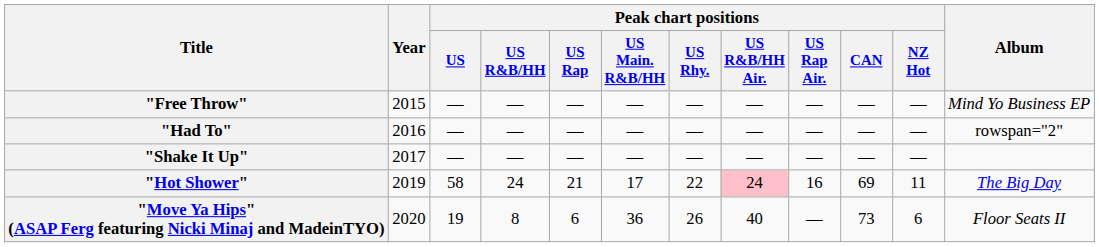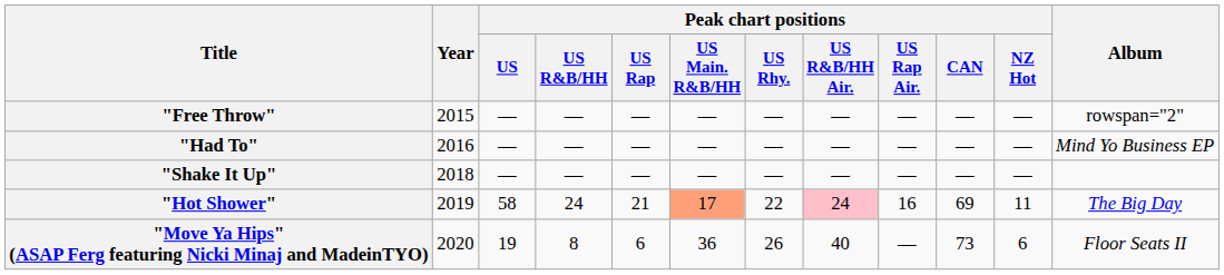 <table class="wikitable plainrowheaders" style="text-align:center;">
 <tr>
 <th rowspan="2">Title</th>
 <th rowspan="2">Year</th>
 <th colspan="9">Peak chart positions</th>
 <th rowspan="2">Album</th>
 </tr>
 <tr>
 <th scope="col" style="width:3em;font-size:90%;"><a href='#'>US</a><br></th>
 <th scope="col" style="width:3em;font-size:90%;"><a href='#'>US<br>R&B/HH</a><br></th>
 <th scope="col" style="width:3em;font-size:90%;"><a href='#'>US<br>Rap</a><br></th>
 <th scope="col" style="width:3em;font-size:90%;"><a href='#'>US<br>Main.<br>R&B/HH</a><br></th>
 <th scope="col" style="width:3em;font-size:90%;"><a href='#'>US<br>Rhy.</a><br></th>
 <th scope="col" style="width:3em;font-size:90%;"><a href='#'>US<br>R&B/HH<br>Air.</a><br></th>
 <th scope="col" style="width:3em;font-size:90%;"><a href='#'>US<br>Rap<br>Air.</a><br></th>
 <th scope="col" style="width:3em;font-size:90%;"><a href='#'>CAN</a><br></th>
 <th scope="col" style="width:3em;font-size:90%;"><a href='#'>NZ<br>Hot</a><br></th>
 </tr>
 <tr>
 <th scope="row">"Free Throw"<br></th>
 <td>2015</td>
 <td>—</td>
 <td>—</td>
 <td>—</td>
 <td>—</td>
 <td>—</td>
 <td>—</td>
 <td>—</td>
 <td>—</td>
 <td>—</td>
-<td><em>Mind Yo Business EP</em></td>
+<td>rowspan="2" </td>
 </tr>
 <tr>
 <th scope="row">"Had To"<br></th>
 <td>2016</td>
 <td>—</td>
 <td>—</td>
 <td>—</td>
 <td>—</td>
 <td>—</td>
 <td>—</td>
 <td>—</td>
 <td>—</td>
 <td>—</td>
-<td>rowspan="2" </td>
+<td><em>Mind Yo Business EP</em></td>
 </tr>
 <tr>
 <th scope="row">"Shake It Up"<br></th>
-<td>2017</td>
+<td>2018</td>
 <td>—</td>
 <td>—</td>
 <td>—</td>
 <td>—</td>
 <td>—</td>
 <td>—</td>
 <td>—</td>
 <td>—</td>
 <td>—</td>
 </tr>
 <tr>
 <th scope="row">"<a href='#'>Hot Shower</a>"<br></th>
 <td>2019</td>
 <td>58</td>
 <td>24</td>
 <td>21</td>
-<td>17</td>
+<td style="background: lightsalmon;">17</td>
 <td>22</td>
 <td style="background: pink;">24</td>
 <td>16</td>
 <td>69</td>
 <td>11</td>
 <td><em><a href='#'>The Big Day</a></em></td>
 </tr>
 <tr>
 <th scope="row">"<a href='#'>Move Ya Hips</a>"<br><span>(<a href='#'>ASAP Ferg</a> featuring <a href='#'>Nicki Minaj</a> and MadeinTYO)</span></th>
 <td>2020</td>
 <td>19</td>
 <td>8</td>
 <td>6</td>
 <td>36</td>
 <td>26</td>
 <td>40</td>
 <td>—</td>
 <td>73</td>
 <td>6</td>
 <td><em>Floor Seats II</em></td>
 </tr>
 </table>
